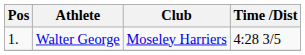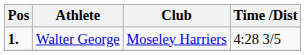 <table class="wikitable">
 <tr>
 <th>Pos</th>
 <th>Athlete</th>
 <th>Club</th>
 <th>Time /Dist</th>
 </tr>
 <tr>
-<td>1.</td>
+<td><strong>1.</strong></td>
 <td><a href='#'>Walter George</a></td>
 <td><a href='#'>Moseley Harriers</a></td>
 <td>4:28 3/5</td>
 </tr>
 <tr>
 </tr>
 </table>
